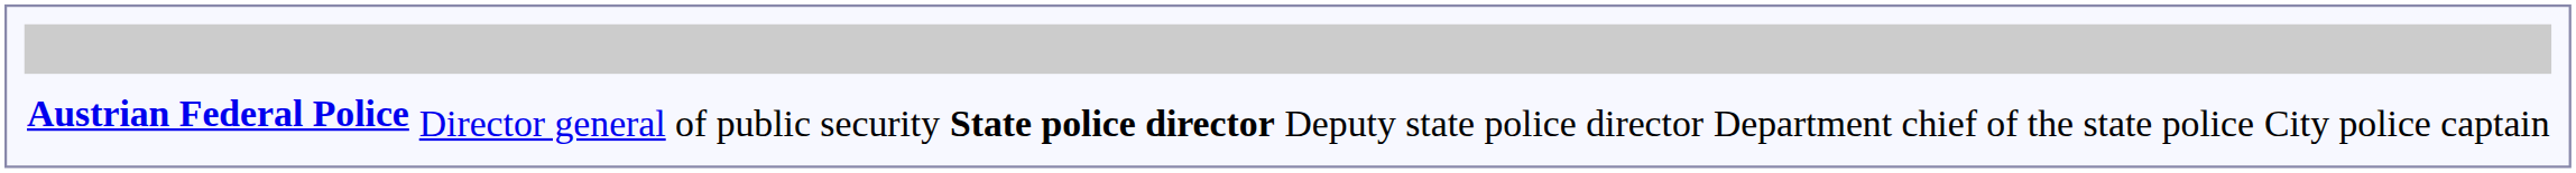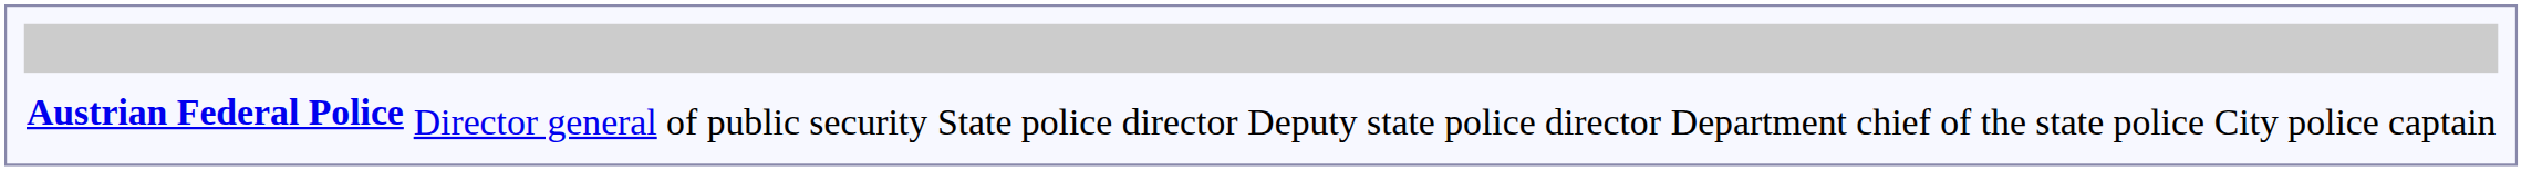 <table style="border:1px solid #8888aa; background-color:#f7f8ff; padding:5px; font-size:95%; margin: 0px 12px 12px 0px;">
 <tr style="background-color:#CCCCCC;">
 <th colspan=6> </th>
 </tr>
 <tr style="text-align:center;">
 <td rowspan=3> <strong><a href='#'>Austrian Federal Police</a></strong></td>
 <td></td>
 <td></td>
 <td></td>
 <td></td>
 <td></td>
 </tr>
 <tr style="text-align:center;">
 <td></td>
 <td></td>
 <td></td>
 <td></td>
 <td></td>
 </tr>
 <tr style="text-align:center;">
 <td><a href='#'>Director general</a> of public security</td>
-<td><strong>State police director</strong></td>
+<td>State police director</td>
 <td>Deputy state police director</td>
 <td>Department chief of the state police</td>
 <td>City police captain</td>
 </tr>
 </table>
